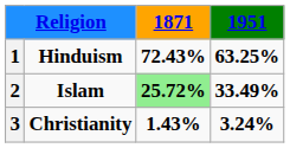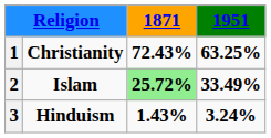 <table class="wikitable sortable" style="line-height:20px;text-align:center;">
 <tr>
 <td colspan="2" bgcolor="Dodgerblue"><a href='#'><span><strong>Religion</strong></span></a></td>
 <td bgcolor="Orange"><a href='#'><span><strong>1871</strong></span></a></td>
 <td bgcolor="Green"><a href='#'><span><strong>1951</strong></span></a></td>
 </tr>
 <tr>
 <th>1</th>
-<td><strong>Hinduism</strong></td>
+<td><strong>Christianity</strong></td>
 <td><strong>72.43%</strong></td>
 <td><strong>63.25%</strong></td>
 </tr>
 <tr>
 <th>2</th>
 <td><strong>Islam</strong></td>
 <td style="background: lightgreen;"><strong>25.72%</strong></td>
 <td><strong>33.49%</strong></td>
 </tr>
 <tr>
 <th>3</th>
-<td><strong>Christianity</strong></td>
+<td><strong>Hinduism</strong></td>
 <td><strong>1.43%</strong></td>
 <td><strong>3.24%</strong></td>
 </tr>
 </table>
